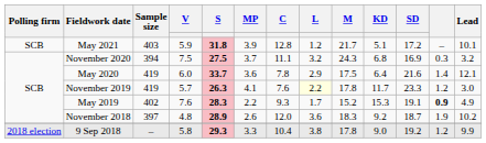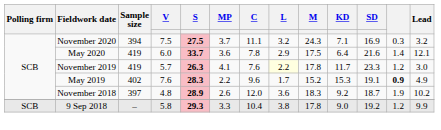 <table class="wikitable sortable" style="text-align:center;font-size:90%;line-height:14px;">
 <tr style="height:40px;">
 <th rowspan="2">Polling firm</th>
 <th rowspan="2">Fieldwork date</th>
 <th rowspan="2">Sample<br>size</th>
 <th class="sortable" style="width:40px;"><a href='#'>V</a></th>
 <th class="sortable" style="width:40px;"><a href='#'>S</a></th>
 <th class="sortable" style="width:40px;"><a href='#'>MP</a></th>
 <th class="sortable" style="width:40px;"><a href='#'>C</a></th>
 <th class="sortable" style="width:40px;"><a href='#'>L</a></th>
 <th class="sortable" style="width:40px;"><a href='#'>M</a></th>
 <th class="sortable" style="width:40px;"><a href='#'>KD</a></th>
 <th class="sortable" style="width:40px;"><a href='#'>SD</a></th>
 <th class="sortable" style="width:30px;" rowspan="2"></th>
 <th style="width:30px;" rowspan="2">Lead</th>
 </tr>
 <tr>
 <th style="background:"></th>
 <th style="background:"></th>
 <th style="background:"></th>
 <th style="background:"></th>
 <th style="background:"></th>
 <th style="background:"></th>
 <th style="background:"></th>
 <th style="background:"></th>
 </tr>
 <tr>
-<td>SCB</td>
-<td>May 2021</td>
-<td>403</td>
-<td>5.9</td>
-<td style="background:#F9BDC5;"><strong>31.8</strong></td>
-<td>3.9</td>
-<td>12.8</td>
-<td>1.2</td>
-<td>21.7</td>
-<td>5.1</td>
-<td>17.2</td>
-<td>–</td>
-<td style="background:">10.1</td>
-</tr>
-<tr>
 <td rowspan="5">SCB</td>
 <td>November 2020</td>
 <td>394</td>
 <td>7.5</td>
 <td style="background:#F9BDC5;"><strong>27.5</strong></td>
 <td>3.7</td>
 <td>11.1</td>
 <td>3.2</td>
 <td>24.3</td>
-<td>6.8</td>
+<td>7.1</td>
 <td>16.9</td>
 <td>0.3</td>
 <td style="background:">3.2</td>
 </tr>
 <tr>
 <td>May 2020</td>
 <td>419</td>
 <td>6.0</td>
 <td style="background:#F9BDC5;"><strong>33.7</strong></td>
 <td>3.6</td>
 <td>7.8</td>
 <td>2.9</td>
 <td>17.5</td>
 <td>6.4</td>
 <td>21.6</td>
 <td>1.4</td>
 <td style="background:">12.1</td>
 </tr>
 <tr>
 <td>November 2019</td>
 <td>419</td>
 <td>5.7</td>
 <td style="background:#F9BDC5;"><strong>26.3</strong></td>
 <td>4.1</td>
 <td>7.6</td>
 <td style="background: lightyellow;">2.2</td>
 <td>17.8</td>
 <td>11.7</td>
 <td>23.3</td>
 <td>1.2</td>
 <td style="background:">3.0</td>
 </tr>
 <tr>
 <td>May 2019</td>
 <td>402</td>
 <td>7.6</td>
 <td style="background:#F9BDC5;"><strong>28.3</strong></td>
 <td>2.2</td>
-<td>9.3</td>
+<td>9.6</td>
 <td>1.7</td>
 <td>15.2</td>
 <td>15.3</td>
 <td>19.1</td>
 <td><strong>0.9</strong></td>
 <td style="background:">4.9</td>
 </tr>
 <tr>
 <td>November 2018</td>
 <td>397</td>
 <td>4.8</td>
 <td style="background:#F9BDC5;"><strong>28.9</strong></td>
 <td>2.6</td>
 <td>12.0</td>
 <td>3.6</td>
 <td>18.3</td>
 <td>9.2</td>
 <td>18.7</td>
 <td>1.9</td>
 <td style="background:">10.2</td>
 </tr>
 <tr>
 </tr>
 <tr style="background:#E9E9E9;">
-<td><a href='#'>2018 election</a></td>
+<td>SCB</td>
 <td data-sort-value="2018-09-09">9 Sep 2018</td>
 <td>–</td>
 <td>5.8</td>
 <td style="background:#F9BDC5;"><strong>29.3</strong></td>
 <td>3.3</td>
 <td>10.4</td>
 <td>3.8</td>
 <td>17.8</td>
 <td>9.0</td>
 <td>19.2</td>
 <td>1.2</td>
 <td style="background:">9.9</td>
 </tr>
 </table>
